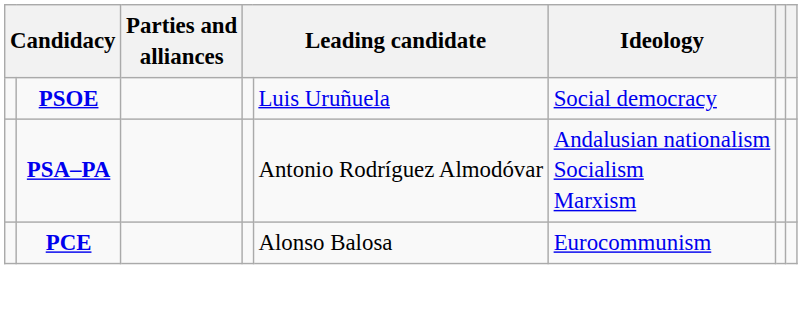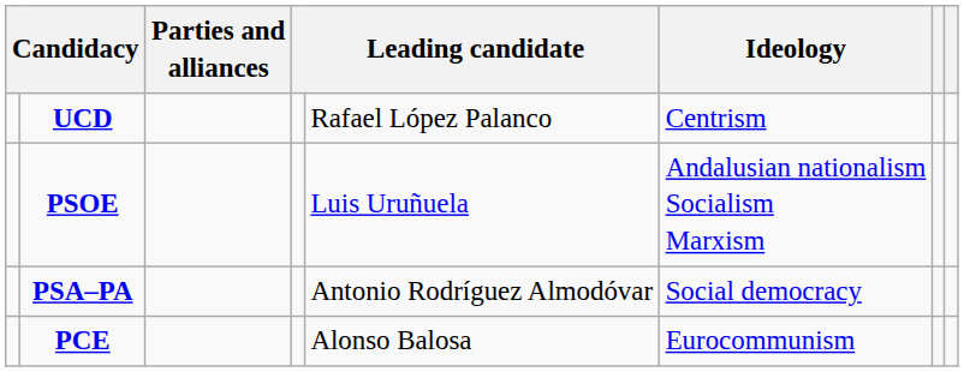 <table class="wikitable" style="line-height:1.35em; text-align:left;">
 <tr>
 <th colspan="2">Candidacy</th>
 <th>Parties and<br>alliances</th>
 <th colspan="2">Leading candidate</th>
 <th>Ideology</th>
 <th></th>
 <th></th>
 </tr>
 <tr>
+<td width="1" style="color:inherit;background:"></td>
+<td align="center"><strong><a href='#'>UCD</a></strong></td>
+<td></td>
+<td></td>
+<td>Rafael López Palanco</td>
+<td><a href='#'>Centrism</a></td>
+<td></td>
+<td></td>
+</tr>
+<tr>
 <td style="color:inherit;background:"></td>
 <td align="center"><strong><a href='#'>PSOE</a></strong></td>
 <td></td>
 <td></td>
 <td><a href='#'>Luis Uruñuela</a></td>
-<td><a href='#'>Social democracy</a></td>
+<td><a href='#'>Andalusian nationalism</a><br><a href='#'>Socialism</a><br><a href='#'>Marxism</a></td>
 <td></td>
 <td></td>
 </tr>
 <tr>
 <td style="color:inherit;background:"></td>
 <td align="center"><strong><a href='#'>PSA–PA</a></strong></td>
 <td></td>
 <td></td>
 <td>Antonio Rodríguez Almodóvar</td>
-<td><a href='#'>Andalusian nationalism</a><br><a href='#'>Socialism</a><br><a href='#'>Marxism</a></td>
+<td><a href='#'>Social democracy</a></td>
 <td></td>
 <td></td>
 </tr>
 <tr>
 <td style="color:inherit;background:"></td>
 <td align="center"><strong><a href='#'>PCE</a></strong></td>
 <td></td>
 <td></td>
 <td>Alonso Balosa</td>
 <td><a href='#'>Eurocommunism</a></td>
 <td></td>
 <td></td>
 </tr>
 </table>
